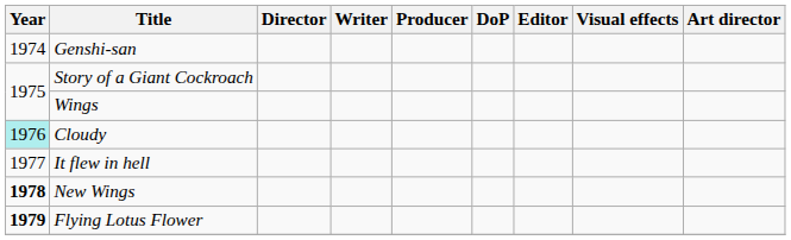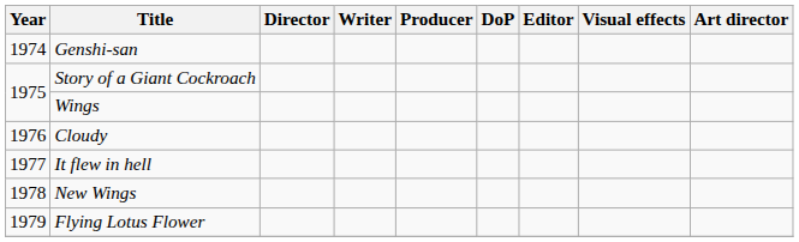 <table class="wikitable">
 <tr>
 <th>Year</th>
 <th>Title</th>
 <th>Director</th>
 <th>Writer</th>
 <th>Producer</th>
 <th>DoP</th>
 <th>Editor</th>
 <th>Visual effects</th>
 <th>Art director</th>
 </tr>
 <tr>
 <td>1974</td>
 <td><em>Genshi-san</em></td>
 <td></td>
 <td></td>
 <td></td>
 <td></td>
 <td></td>
 <td></td>
 <td></td>
 </tr>
 <tr>
 <td rowspan=2>1975</td>
 <td><em>Story of a Giant Cockroach</em></td>
 <td></td>
 <td></td>
 <td></td>
 <td></td>
 <td></td>
 <td></td>
 <td></td>
 </tr>
 <tr>
 <td><em>Wings</em></td>
 <td></td>
 <td></td>
 <td></td>
 <td></td>
 <td></td>
 <td></td>
 <td></td>
 </tr>
 <tr>
-<td style="background: paleturquoise;">1976</td>
+<td>1976</td>
 <td><em>Cloudy</em></td>
 <td></td>
 <td></td>
 <td></td>
 <td></td>
 <td></td>
 <td></td>
 <td></td>
 </tr>
 <tr>
 <td>1977</td>
 <td><em>It flew in hell</em></td>
 <td></td>
 <td></td>
 <td></td>
 <td></td>
 <td></td>
 <td></td>
 <td></td>
 </tr>
 <tr>
-<td><strong>1978</strong></td>
+<td>1978</td>
 <td><em>New Wings</em></td>
 <td></td>
 <td></td>
 <td></td>
 <td></td>
 <td></td>
 <td></td>
 <td></td>
 </tr>
 <tr>
-<td><strong>1979</strong></td>
+<td>1979</td>
 <td><em>Flying Lotus Flower</em></td>
 <td></td>
 <td></td>
 <td></td>
 <td></td>
 <td></td>
 <td></td>
 <td></td>
 </tr>
 <tr>
 </tr>
 </table>
